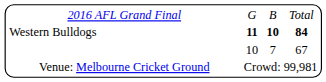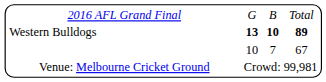 <table style="margin-right:4px; margin-top:8px; float:right; border:1px #000 solid; border-radius:8px; background:#fff; font-family:Verdana; font-size:8pt; text-align:center;">
 <tr>
 <td width=200><em><a href='#'>2016 AFL Grand Final</a></em></td>
 <td><em>G</em></td>
 <td><em>B</em></td>
 <td><em>Total</em></td>
 </tr>
 <tr>
 <td style="text-align:left"> Western Bulldogs</td>
-<td><strong>11</strong></td>
+<td><strong>13</strong></td>
 <td><strong>10</strong></td>
-<td><strong>84</strong></td>
+<td><strong>89</strong></td>
 </tr>
 <tr>
 <td style="text-align:left"> </td>
 <td>10</td>
 <td>7</td>
 <td>67</td>
 </tr>
 <tr>
 <td>Venue: <a href='#'>Melbourne Cricket Ground</a></td>
 <td colspan=3>Crowd: 99,981</td>
 </tr>
 </table>
